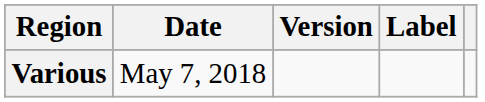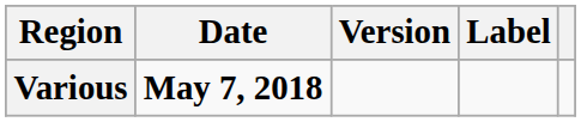 <table class="wikitable plainrowheaders">
 <tr>
 <th scope="col">Region</th>
 <th scope="col">Date</th>
 <th scope="col">Version</th>
 <th scope="col">Label</th>
 <th scope="col"></th>
 </tr>
 <tr>
 <th rowspan="2" scope="row">Various</th>
-<td>May 7, 2018</td>
+<td><strong>May 7, 2018</strong></td>
 <td rowspan="2"></td>
 <td></td>
 <td style="text-align:center;"></td>
 </tr>
 </table>
